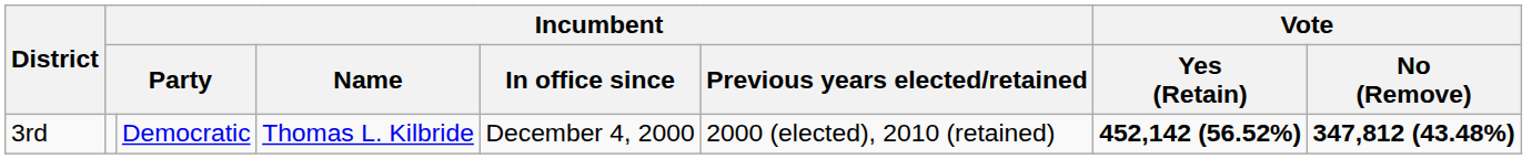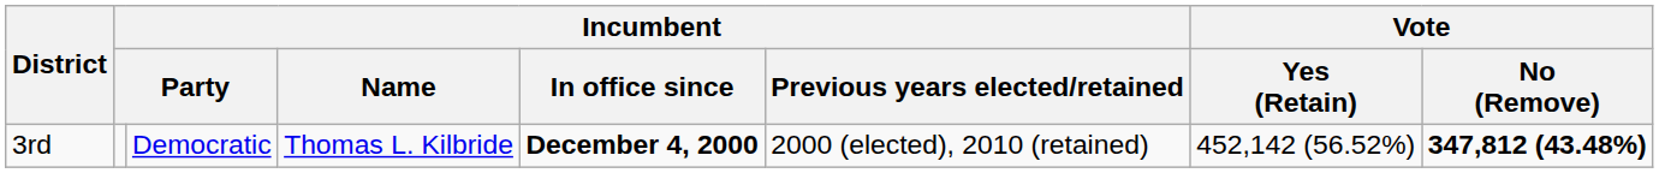 <table class="wikitable">
 <tr>
 <th rowspan =2>District</th>
 <th colspan=5>Incumbent</th>
 <th colspan="2">Vote</th>
 </tr>
 <tr>
 <th colspan="2">Party</th>
 <th>Name</th>
 <th>In office since</th>
 <th>Previous years elected/retained</th>
 <th>Yes<br>(Retain)</th>
 <th>No<br>(Remove)</th>
 </tr>
 <tr>
 <td>3rd</td>
 <td style="background-color:"></td>
 <td><a href='#'>Democratic</a></td>
 <td><a href='#'>Thomas L. Kilbride</a></td>
-<td>December 4, 2000</td>
+<td><strong>December 4, 2000</strong></td>
 <td>2000 (elected), 2010 (retained)</td>
-<td><strong>452,142 (56.52%)</strong></td>
+<td>452,142 (56.52%)</td>
 <td><strong>347,812 (43.48%)</strong></td>
 </tr>
 </table>
